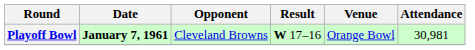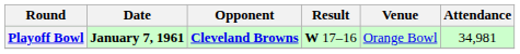 <table class="wikitable" style="text-align:center">
 <tr>
 <th>Round</th>
 <th>Date</th>
 <th>Opponent</th>
 <th>Result</th>
 <th>Venue</th>
 <th>Attendance</th>
 </tr>
 <tr style="background:#cfc">
 <th><a href='#'>Playoff Bowl</a></th>
 <td><strong>January 7, 1961</strong></td>
-<td><a href='#'>Cleveland Browns</a></td>
+<td><strong><a href='#'>Cleveland Browns</a></strong></td>
 <td><strong>W</strong> 17–16</td>
 <td><a href='#'>Orange Bowl</a></td>
-<td>30,981</td>
+<td>34,981</td>
 </tr>
 <tr>
 </tr>
 </table>
